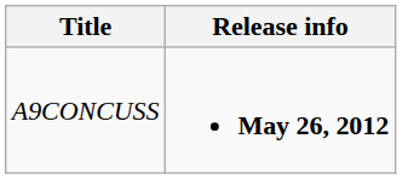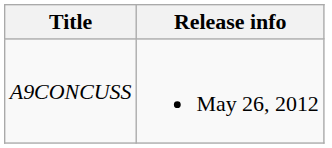 <table class="wikitable">
 <tr>
 <th>Title</th>
 <th>Release info</th>
 </tr>
 <tr>
 <td><em>A9CONCUSS</em></td>
-<td><strong><br><ul><li>May 26, 2012</li></ul></strong></td>
+<td><br><ul><li>May 26, 2012</li></ul></td>
 </tr>
 </table>
